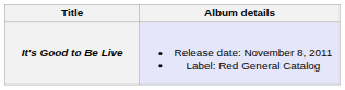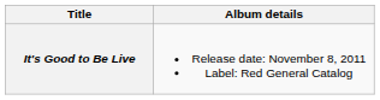 <table class="wikitable plainrowheaders" style="text-align:center;">
 <tr>
 <th scope="col" style="width:12em;">Title</th>
 <th scope="col" style="width:18em;">Album details</th>
 </tr>
 <tr>
 <th scope="row"><em>It's Good to Be Live</em></th>
-<td style="background: lavender;"><br><ul><li>Release date: November 8, 2011</li><li>Label: Red General Catalog</li></ul></td>
+<td><br><ul><li>Release date: November 8, 2011</li><li>Label: Red General Catalog</li></ul></td>
 </tr>
 </table>
